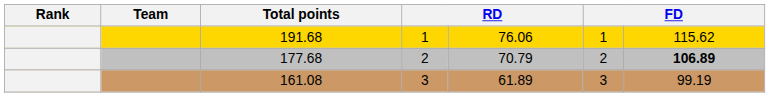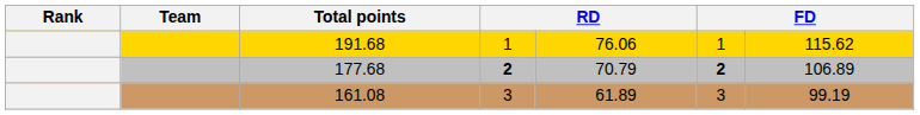 <table class="wikitable sortable" style="text-align:center;" width="70%">
 <tr>
 <th scope="col">Rank</th>
 <th scope="col">Team</th>
 <th scope="col">Total points</th>
 <th scope="col" colspan="2" width="80px"><a href='#'>RD</a></th>
 <th scope="col" colspan="2" width="80px"><a href='#'>FD</a></th>
 </tr>
 <tr bgcolor="gold">
 <th scope="row"></th>
 <td align="left"></td>
 <td>191.68</td>
 <td>1</td>
 <td>76.06</td>
 <td>1</td>
 <td>115.62</td>
 </tr>
 <tr bgcolor="silver">
 <th scope="row"></th>
 <td align="left"></td>
 <td>177.68</td>
-<td>2</td>
+<td><strong>2</strong></td>
 <td>70.79</td>
-<td>2</td>
-<td><strong>106.89</strong></td>
+<td><strong>2</strong></td>
+<td>106.89</td>
 </tr>
 <tr bgcolor="cc9966">
 <th scope="row"></th>
 <td align="left"></td>
 <td>161.08</td>
 <td>3</td>
 <td>61.89</td>
 <td>3</td>
 <td>99.19</td>
 </tr>
 </table>
